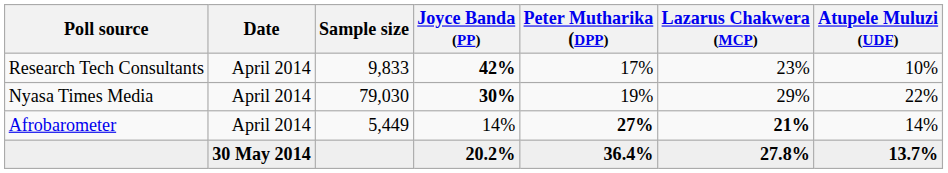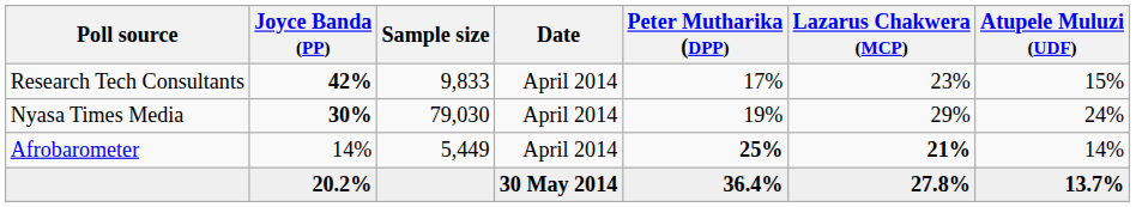 <table class="wikitable" style="text-align:right">
 <tr>
 <th>Poll source</th>
+<th><a href='#'>Joyce Banda</a><br><small>(<a href='#'>PP</a>)</small></th>
+<th>Sample size</th>
 <th>Date</th>
-<th>Sample size</th>
-<th><a href='#'>Joyce Banda</a><br><small>(<a href='#'>PP</a>)</small></th>
 <th><a href='#'>Peter Mutharika</a><br>(<small><a href='#'>DPP</a>)</small></th>
 <th><a href='#'>Lazarus Chakwera</a><br><small>(<a href='#'>MCP</a>)</small></th>
 <th><a href='#'>Atupele Muluzi</a><br><small>(<a href='#'>UDF</a>)</small></th>
 </tr>
 <tr>
 <td align="left">Research Tech Consultants</td>
+<td style="background-color: "><strong>42%</strong></td>
+<td>9,833</td>
 <td>April 2014</td>
-<td>9,833</td>
-<td style="background-color: "><strong>42%</strong></td>
 <td>17%</td>
 <td>23%</td>
-<td>10%</td>
+<td>15%</td>
 </tr>
 <tr>
 <td align="left">Nyasa Times Media</td>
+<td style="background-color: "><strong>30%</strong></td>
+<td>79,030</td>
 <td>April 2014</td>
-<td>79,030</td>
-<td style="background-color: "><strong>30%</strong></td>
 <td>19%</td>
 <td>29%</td>
-<td>22%</td>
+<td>24%</td>
 </tr>
 <tr>
 <td align="left"><a href='#'>Afrobarometer</a></td>
+<td>14%</td>
+<td>5,449</td>
 <td>April 2014</td>
-<td>5,449</td>
-<td>14%</td>
-<td style="background-color: "><strong>27%</strong></td>
+<td style="background-color: "><strong>25%</strong></td>
 <td><strong>21%</strong></td>
 <td>14%</td>
 </tr>
 <tr style="background:#EFEFEF; font-weight:bold;">
 <td></td>
+<td>20.2%</td>
+<td></td>
 <td>30 May 2014</td>
-<td></td>
-<td>20.2%</td>
 <td><strong>36.4%</strong></td>
 <td>27.8%</td>
 <td>13.7%</td>
 </tr>
 </table>
